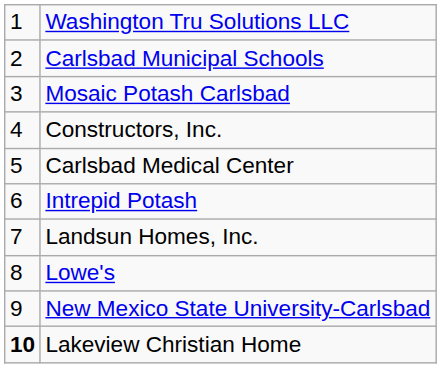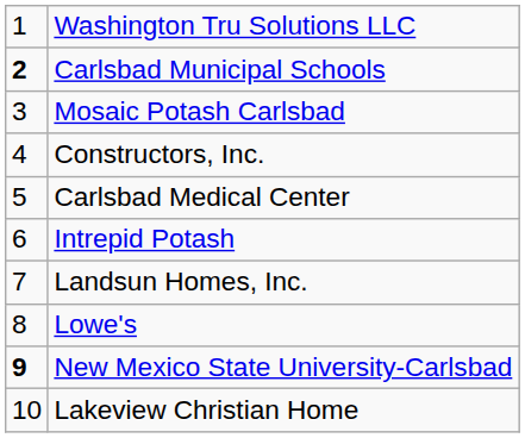 <table class="wikitable floatright">
 <tr>
 <td>1</td>
 <td><a href='#'>Washington Tru Solutions LLC</a></td>
 </tr>
 <tr>
-<td>2</td>
+<td><strong>2</strong></td>
 <td><a href='#'>Carlsbad Municipal Schools</a></td>
 </tr>
 <tr>
 <td>3</td>
 <td><a href='#'>Mosaic Potash Carlsbad</a></td>
 </tr>
 <tr>
 <td>4</td>
 <td>Constructors, Inc.</td>
 </tr>
 <tr>
 <td>5</td>
 <td>Carlsbad Medical Center</td>
 </tr>
 <tr>
 <td>6</td>
 <td><a href='#'>Intrepid Potash</a></td>
 </tr>
 <tr>
 <td>7</td>
 <td>Landsun Homes, Inc.</td>
 </tr>
 <tr>
 <td>8</td>
 <td><a href='#'>Lowe's</a></td>
 </tr>
 <tr>
-<td>9</td>
+<td><strong>9</strong></td>
 <td><a href='#'>New Mexico State University-Carlsbad</a></td>
 </tr>
 <tr>
-<td><strong>10</strong></td>
+<td>10</td>
 <td>Lakeview Christian Home</td>
 </tr>
 </table>
